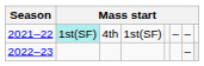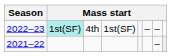 <table class="wikitable" style="display: inline-table;">
 <tr>
 <th>Season</th>
 <th colspan="7">Mass start</th>
 </tr>
 <tr>
-<td><a href='#'>2021–22</a></td>
+<td><a href='#'>2022–23</a></td>
 <td style="background: paleturquoise;">1st(SF)</td>
 <td>4th</td>
 <td>1st(SF)</td>
 <td></td>
 <td>–</td>
 <td>–</td>
 <td></td>
 </tr>
 <tr>
-<td><a href='#'>2022–23</a></td>
+<td><a href='#'>2021–22</a></td>
 <td></td>
 <td></td>
 <td></td>
 <td></td>
 <td></td>
 <td>–</td>
 <td colspan="1" bgcolor=#EEEEEE></td>
 </tr>
 </table>
